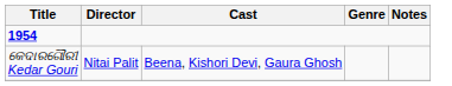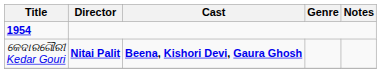 <table class="wikitable">
 <tr>
 <th>Title</th>
 <th>Director</th>
 <th>Cast</th>
 <th>Genre</th>
 <th>Notes</th>
 </tr>
 <tr>
 <td><strong><a href='#'>1954</a></strong></td>
 </tr>
 <tr>
 <td><em>କେଦାରଗୌରୀ<br><a href='#'>Kedar Gouri</a></em></td>
-<td><a href='#'>Nitai Palit</a></td>
-<td><a href='#'>Beena</a>, <a href='#'>Kishori Devi</a>, <a href='#'>Gaura Ghosh</a></td>
+<td><strong><a href='#'>Nitai Palit</a></strong></td>
+<td><strong><a href='#'>Beena</a>, <a href='#'>Kishori Devi</a>, <a href='#'>Gaura Ghosh</a></strong></td>
 <td></td>
 <td></td>
 </tr>
 <tr>
 </tr>
 </table>
